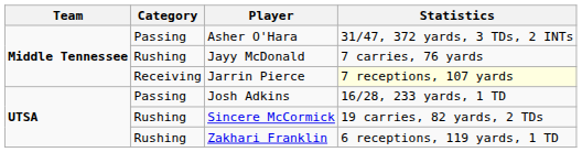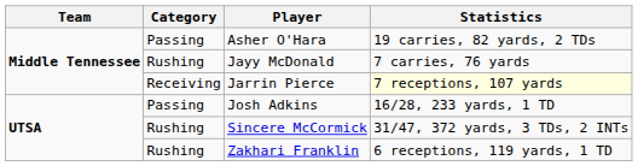 <table class="wikitable" style="float: left;">
 <tr>
 <th>Team</th>
 <th>Category</th>
 <th>Player</th>
 <th>Statistics</th>
 </tr>
 <tr>
 <td rowspan=3><strong>Middle Tennessee</strong></td>
 <td>Passing</td>
 <td>Asher O'Hara</td>
-<td>31/47, 372 yards, 3 TDs, 2 INTs</td>
+<td>19 carries, 82 yards, 2 TDs</td>
 </tr>
 <tr>
 <td>Rushing</td>
 <td>Jayy McDonald</td>
 <td>7 carries, 76 yards</td>
 </tr>
 <tr>
 <td>Receiving</td>
 <td>Jarrin Pierce</td>
 <td style="background: lightyellow;">7 receptions, 107 yards</td>
 </tr>
 <tr>
 <td rowspan=3><strong>UTSA</strong></td>
 <td>Passing</td>
 <td>Josh Adkins</td>
 <td>16/28, 233 yards, 1 TD</td>
 </tr>
 <tr>
 <td>Rushing</td>
 <td><a href='#'>Sincere McCormick</a></td>
-<td>19 carries, 82 yards, 2 TDs</td>
+<td>31/47, 372 yards, 3 TDs, 2 INTs</td>
 </tr>
 <tr>
 <td>Rushing</td>
 <td><a href='#'>Zakhari Franklin</a></td>
 <td>6 receptions, 119 yards, 1 TD</td>
 </tr>
 </table>
